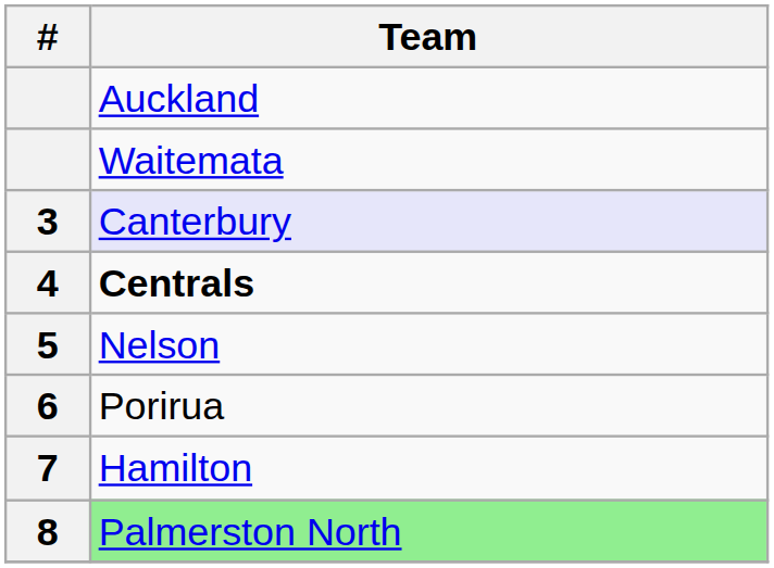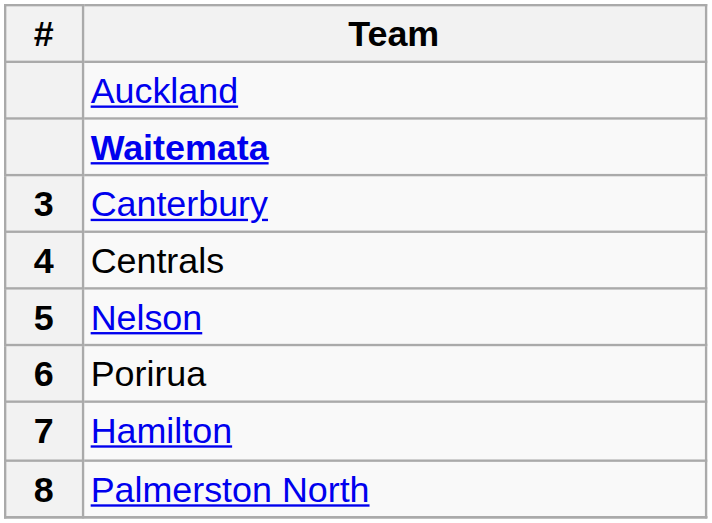 <table class="wikitable" width="15%" style="font-size:95%; text-align:center">
 <tr>
 <th>#</th>
 <th>Team</th>
 </tr>
 <tr>
 <th></th>
 <td align=left><a href='#'>Auckland</a></td>
 </tr>
 <tr>
 <th></th>
-<td align=left><a href='#'>Waitemata</a></td>
+<td align=left><strong><a href='#'>Waitemata</a></strong></td>
 </tr>
 <tr>
 <th>3</th>
-<td align=left style="background: lavender;"><a href='#'>Canterbury</a></td>
+<td align=left><a href='#'>Canterbury</a></td>
 </tr>
 <tr>
 <th>4</th>
-<td align=left><strong>Centrals</strong></td>
+<td align=left>Centrals</td>
 </tr>
 <tr>
 <th>5</th>
 <td align=left><a href='#'>Nelson</a></td>
 </tr>
 <tr>
 <th>6</th>
 <td align=left>Porirua</td>
 </tr>
 <tr>
 <th>7</th>
 <td align=left><a href='#'>Hamilton</a></td>
 </tr>
 <tr>
 <th>8</th>
-<td align=left style="background: lightgreen;"><a href='#'>Palmerston North</a></td>
+<td align=left><a href='#'>Palmerston North</a></td>
 </tr>
 <tr>
 </tr>
 </table>
